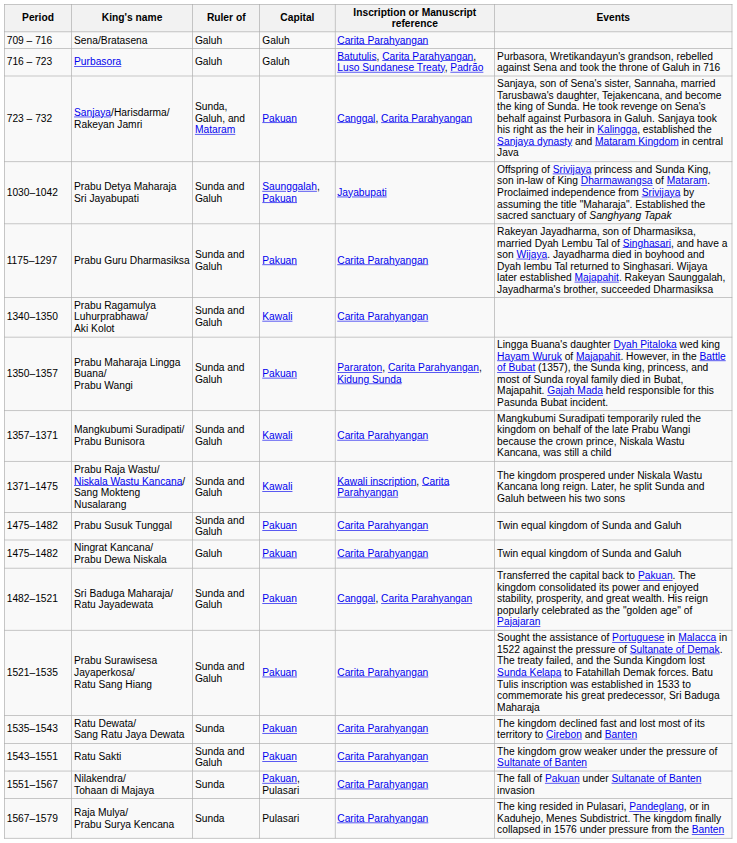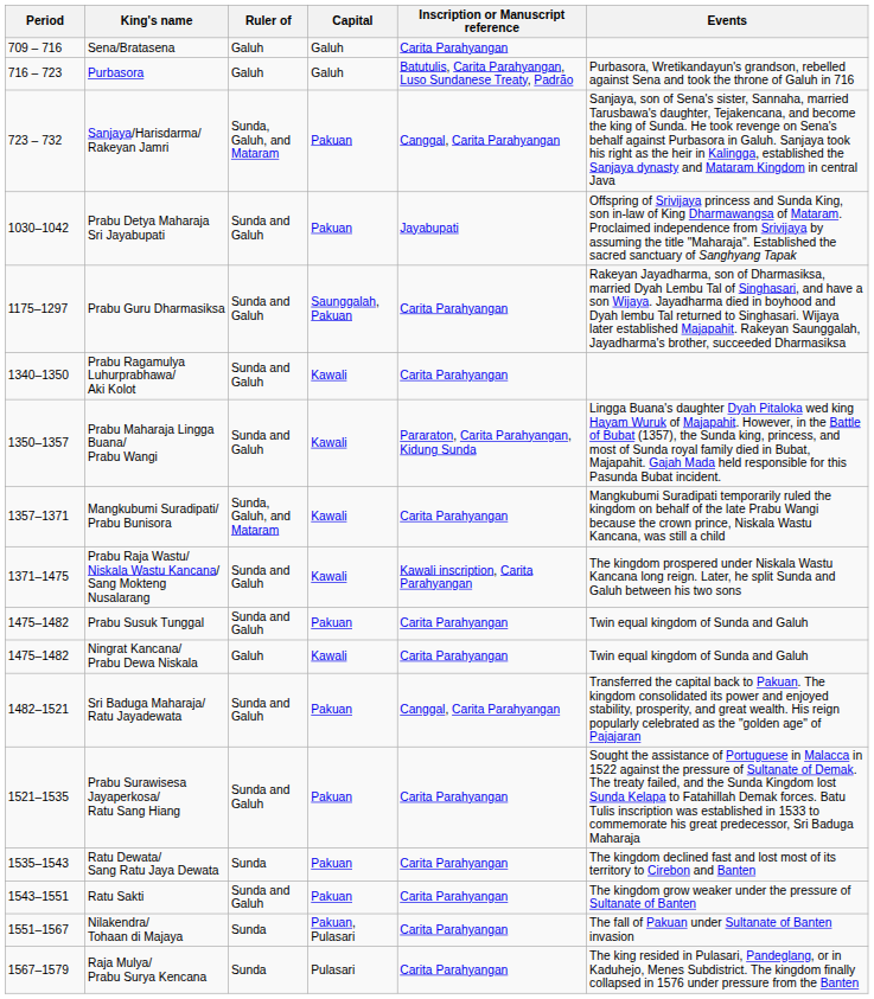 <table class="wikitable sortable" border="1" width="90%">
 <tr>
 <th width="80px">Period</th>
 <th width="80px">King's name</th>
 <th width="80px">Ruler of</th>
 <th width="80px">Capital</th>
 <th width="200px">Inscription or Manuscript reference</th>
 <th width="300px">Events</th>
 </tr>
 <tr>
 <td>709 – 716</td>
 <td>Sena/Bratasena</td>
 <td>Galuh</td>
 <td>Galuh</td>
 <td><a href='#'>Carita Parahyangan</a></td>
 <td></td>
 </tr>
 <tr>
 <td>716 – 723</td>
 <td><a href='#'>Purbasora</a></td>
 <td>Galuh</td>
 <td>Galuh</td>
 <td><a href='#'>Batutulis</a>, <a href='#'>Carita Parahyangan</a>, <a href='#'>Luso Sundanese Treaty</a>, <a href='#'>Padrão</a></td>
 <td>Purbasora, Wretikandayun's grandson, rebelled against Sena and took the throne of Galuh in 716</td>
 </tr>
 <tr>
 <td>723 – 732</td>
 <td><a href='#'>Sanjaya</a>/Harisdarma/<br>Rakeyan Jamri</td>
 <td>Sunda, Galuh, and <a href='#'>Mataram</a></td>
 <td><a href='#'>Pakuan</a></td>
 <td><a href='#'>Canggal</a>, <a href='#'>Carita Parahyangan</a></td>
 <td>Sanjaya, son of Sena's sister, Sannaha, married Tarusbawa's daughter, Tejakencana, and become the king of Sunda. He took revenge on Sena's behalf against Purbasora in Galuh. Sanjaya took his right as the heir in <a href='#'>Kalingga</a>, established the <a href='#'>Sanjaya dynasty</a> and <a href='#'>Mataram Kingdom</a> in central Java</td>
 </tr>
 <tr>
 <td>1030–1042</td>
 <td>Prabu Detya Maharaja Sri Jayabupati</td>
 <td>Sunda and Galuh</td>
-<td><a href='#'>Saunggalah</a>,<br><a href='#'>Pakuan</a></td>
+<td><a href='#'>Pakuan</a></td>
 <td><a href='#'>Jayabupati</a></td>
 <td>Offspring of <a href='#'>Srivijaya</a> princess and Sunda King, son in-law of King <a href='#'>Dharmawangsa</a> of <a href='#'>Mataram</a>. Proclaimed independence from <a href='#'>Srivijaya</a> by assuming the title "Maharaja". Established the sacred sanctuary of <em>Sanghyang Tapak</em></td>
 </tr>
 <tr>
 <td>1175–1297</td>
 <td>Prabu Guru Dharmasiksa</td>
 <td>Sunda and Galuh</td>
-<td><a href='#'>Pakuan</a></td>
+<td><a href='#'>Saunggalah</a>,<br><a href='#'>Pakuan</a></td>
 <td><a href='#'>Carita Parahyangan</a></td>
 <td>Rakeyan Jayadharma, son of Dharmasiksa, married Dyah Lembu Tal of <a href='#'>Singhasari</a>, and have a son <a href='#'>Wijaya</a>. Jayadharma died in boyhood and Dyah lembu Tal returned to Singhasari. Wijaya later established <a href='#'>Majapahit</a>. Rakeyan Saunggalah, Jayadharma's brother, succeeded Dharmasiksa</td>
 </tr>
 <tr>
 <td>1340–1350</td>
 <td>Prabu Ragamulya Luhurprabhawa/<br>Aki Kolot</td>
 <td>Sunda and Galuh</td>
 <td><a href='#'>Kawali</a></td>
 <td><a href='#'>Carita Parahyangan</a></td>
 <td></td>
 </tr>
 <tr>
 <td>1350–1357</td>
 <td>Prabu Maharaja Lingga Buana/<br>Prabu Wangi</td>
 <td>Sunda and Galuh</td>
-<td><a href='#'>Pakuan</a></td>
+<td><a href='#'>Kawali</a></td>
 <td><a href='#'>Pararaton</a>, <a href='#'>Carita Parahyangan</a>, <a href='#'>Kidung Sunda</a></td>
 <td>Lingga Buana's daughter <a href='#'>Dyah Pitaloka</a> wed king <a href='#'>Hayam Wuruk</a> of <a href='#'>Majapahit</a>. However, in the <a href='#'>Battle of Bubat</a> (1357), the Sunda king, princess, and most of Sunda royal family died in Bubat, Majapahit. <a href='#'>Gajah Mada</a> held responsible for this Pasunda Bubat incident.</td>
 </tr>
 <tr>
 <td>1357–1371</td>
 <td>Mangkubumi Suradipati/<br>Prabu Bunisora</td>
-<td>Sunda and Galuh</td>
+<td>Sunda, Galuh, and <a href='#'>Mataram</a></td>
 <td><a href='#'>Kawali</a></td>
 <td><a href='#'>Carita Parahyangan</a></td>
 <td>Mangkubumi Suradipati temporarily ruled the kingdom on behalf of the late Prabu Wangi because the crown prince, Niskala Wastu Kancana, was still a child</td>
 </tr>
 <tr>
 <td>1371–1475</td>
 <td>Prabu Raja Wastu/<br><a href='#'>Niskala Wastu Kancana</a>/ Sang Mokteng Nusalarang</td>
 <td>Sunda and Galuh</td>
 <td><a href='#'>Kawali</a></td>
 <td><a href='#'>Kawali inscription</a>, <a href='#'>Carita Parahyangan</a></td>
 <td>The kingdom prospered under Niskala Wastu Kancana long reign. Later, he split Sunda and Galuh between his two sons</td>
 </tr>
 <tr>
 <td>1475–1482</td>
 <td>Prabu Susuk Tunggal</td>
 <td>Sunda and Galuh</td>
 <td><a href='#'>Pakuan</a></td>
 <td><a href='#'>Carita Parahyangan</a></td>
 <td>Twin equal kingdom of Sunda and Galuh</td>
 </tr>
 <tr>
 <td>1475–1482</td>
 <td>Ningrat Kancana/<br>Prabu Dewa Niskala</td>
 <td>Galuh</td>
-<td><a href='#'>Pakuan</a></td>
+<td><a href='#'>Kawali</a></td>
 <td><a href='#'>Carita Parahyangan</a></td>
 <td>Twin equal kingdom of Sunda and Galuh</td>
 </tr>
 <tr>
 <td>1482–1521</td>
 <td>Sri Baduga Maharaja/<br>Ratu Jayadewata</td>
 <td>Sunda and Galuh</td>
 <td><a href='#'>Pakuan</a></td>
 <td><a href='#'>Canggal</a>, <a href='#'>Carita Parahyangan</a></td>
 <td>Transferred the capital back to <a href='#'>Pakuan</a>. The kingdom consolidated its power and enjoyed stability, prosperity, and great wealth. His reign popularly celebrated as the "golden age" of <a href='#'>Pajajaran</a></td>
 </tr>
 <tr>
 <td>1521–1535</td>
 <td>Prabu Surawisesa Jayaperkosa/<br>Ratu Sang Hiang</td>
 <td>Sunda and Galuh</td>
 <td><a href='#'>Pakuan</a></td>
 <td><a href='#'>Carita Parahyangan</a></td>
 <td>Sought the assistance of <a href='#'>Portuguese</a> in <a href='#'>Malacca</a> in 1522 against the pressure of <a href='#'>Sultanate of Demak</a>. The treaty failed, and the Sunda Kingdom lost <a href='#'>Sunda Kelapa</a> to Fatahillah Demak forces. Batu Tulis inscription was established in 1533 to commemorate his great predecessor, Sri Baduga Maharaja</td>
 </tr>
 <tr>
 <td>1535–1543</td>
 <td>Ratu Dewata/<br>Sang Ratu Jaya Dewata</td>
 <td>Sunda</td>
 <td><a href='#'>Pakuan</a></td>
 <td><a href='#'>Carita Parahyangan</a></td>
 <td>The kingdom declined fast and lost most of its territory to <a href='#'>Cirebon</a> and <a href='#'>Banten</a></td>
 </tr>
 <tr>
 <td>1543–1551</td>
 <td>Ratu Sakti</td>
 <td>Sunda and Galuh</td>
 <td><a href='#'>Pakuan</a></td>
 <td><a href='#'>Carita Parahyangan</a></td>
 <td>The kingdom grow weaker under the pressure of <a href='#'>Sultanate of Banten</a></td>
 </tr>
 <tr>
 <td>1551–1567</td>
 <td>Nilakendra/<br>Tohaan di Majaya</td>
 <td>Sunda</td>
 <td><a href='#'>Pakuan</a>, Pulasari</td>
 <td><a href='#'>Carita Parahyangan</a></td>
 <td>The fall of <a href='#'>Pakuan</a> under <a href='#'>Sultanate of Banten</a> invasion</td>
 </tr>
 <tr>
 <td>1567–1579</td>
 <td>Raja Mulya/<br>Prabu Surya Kencana</td>
 <td>Sunda</td>
 <td>Pulasari</td>
 <td><a href='#'>Carita Parahyangan</a></td>
 <td>The king resided in Pulasari, <a href='#'>Pandeglang</a>, or in Kaduhejo, Menes Subdistrict. The kingdom finally collapsed in 1576 under pressure from the <a href='#'>Banten</a></td>
 </tr>
 </table>
